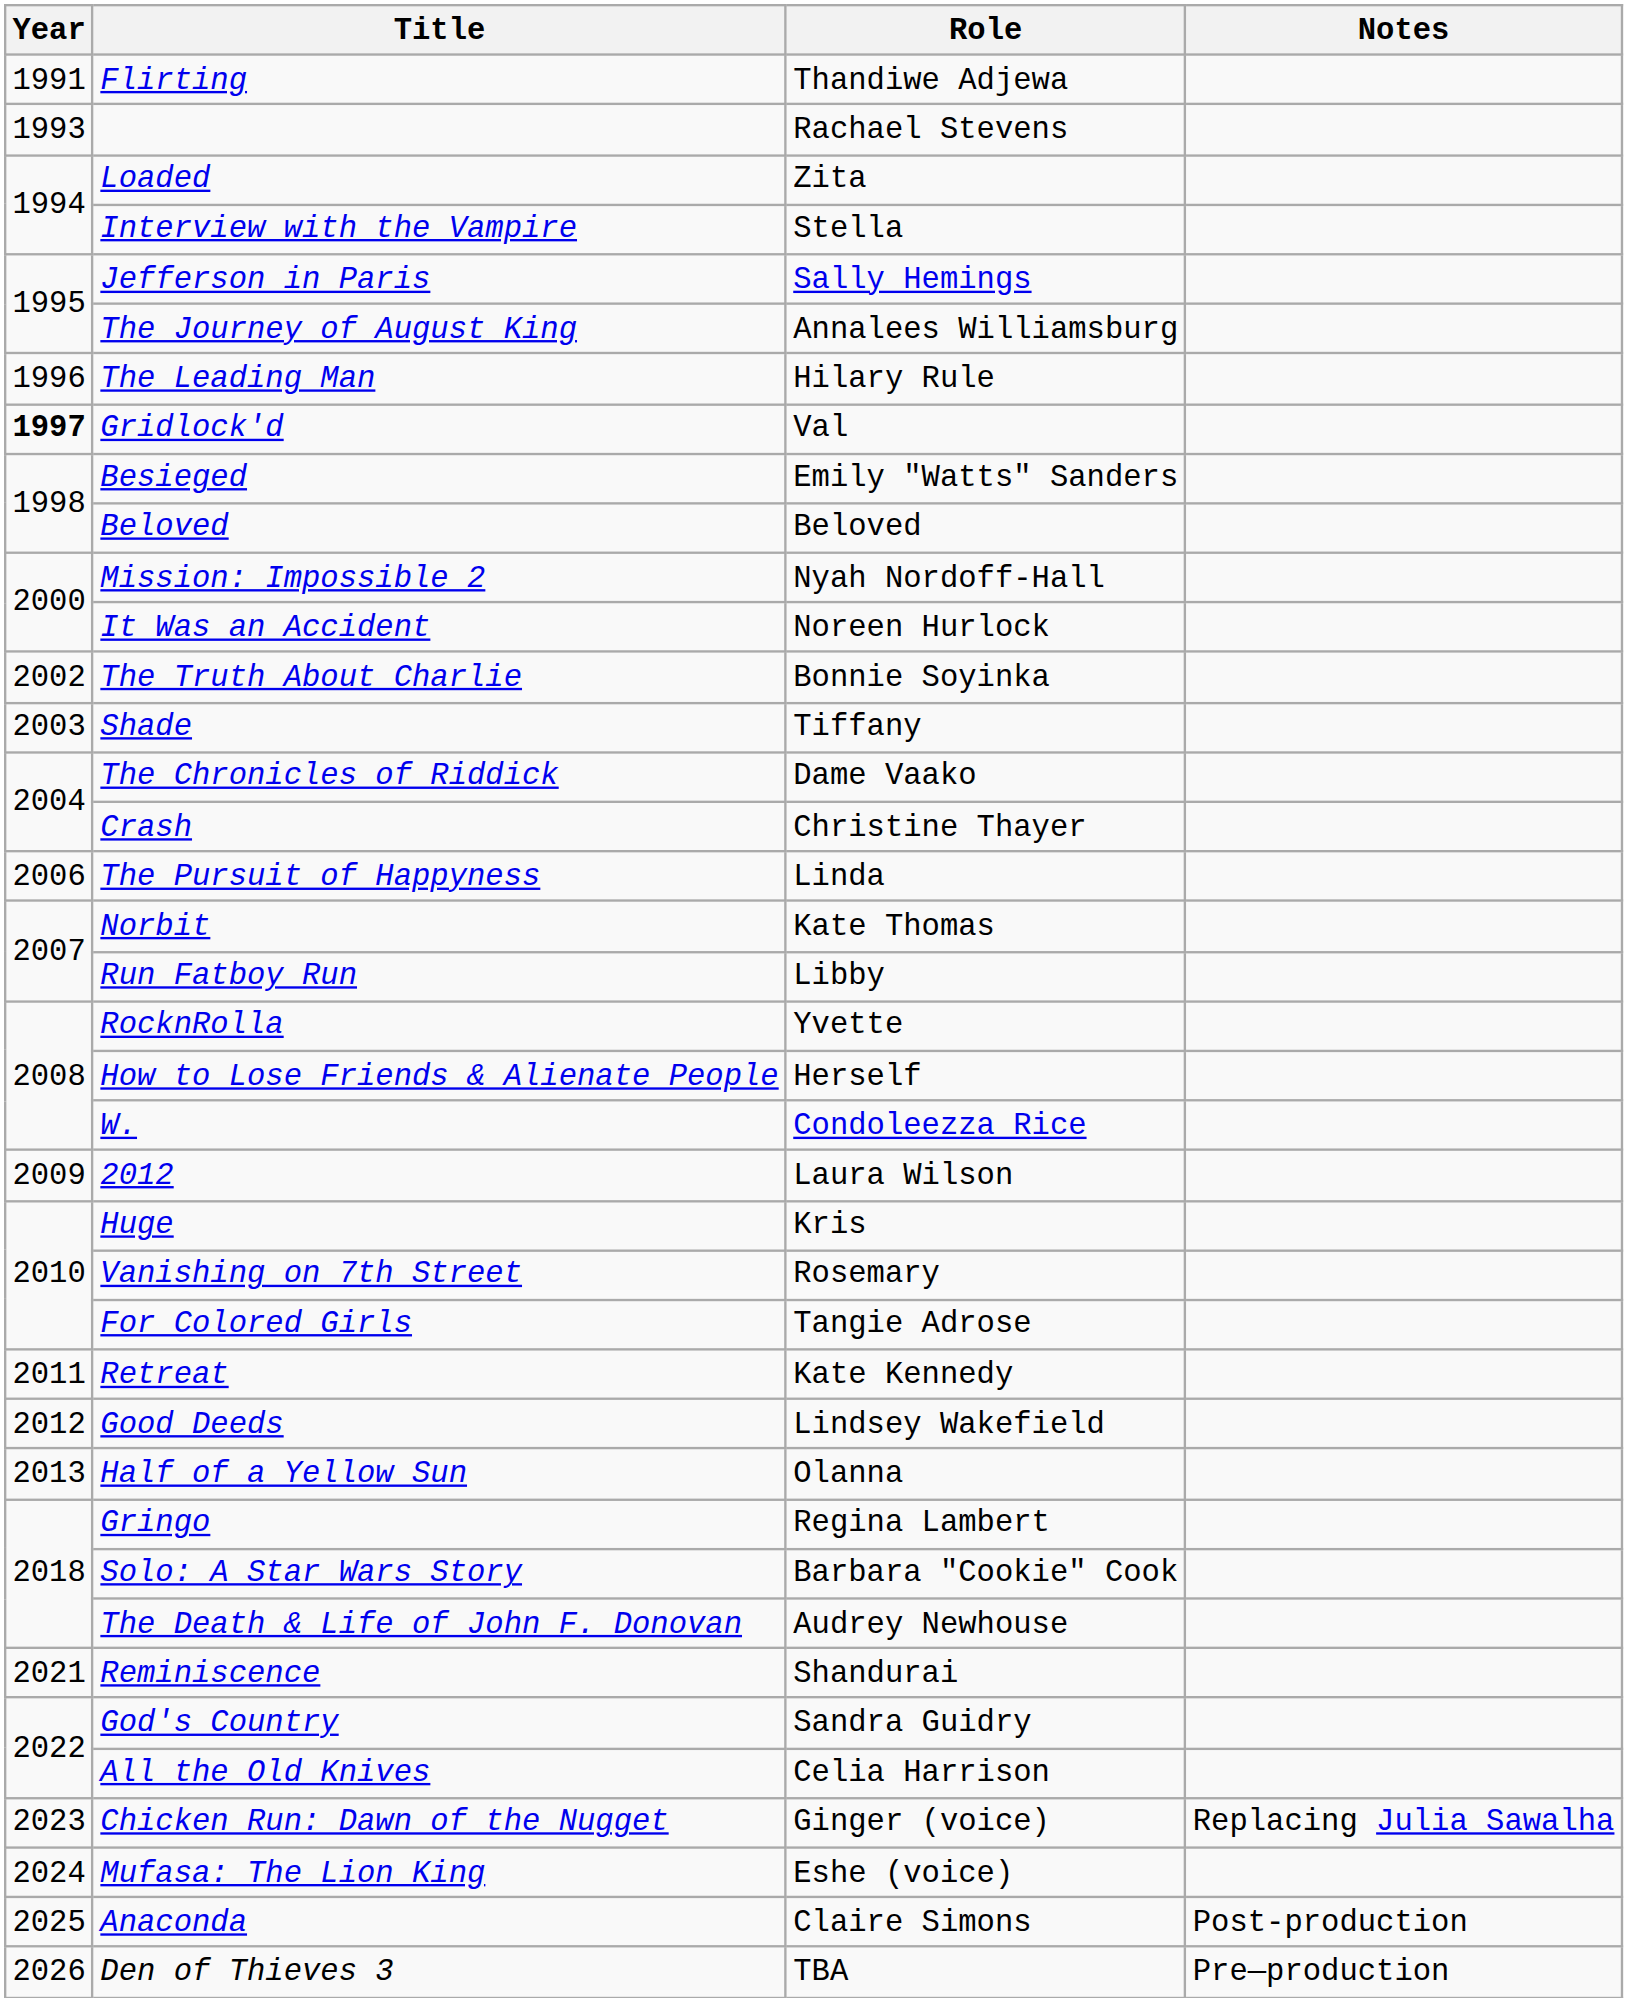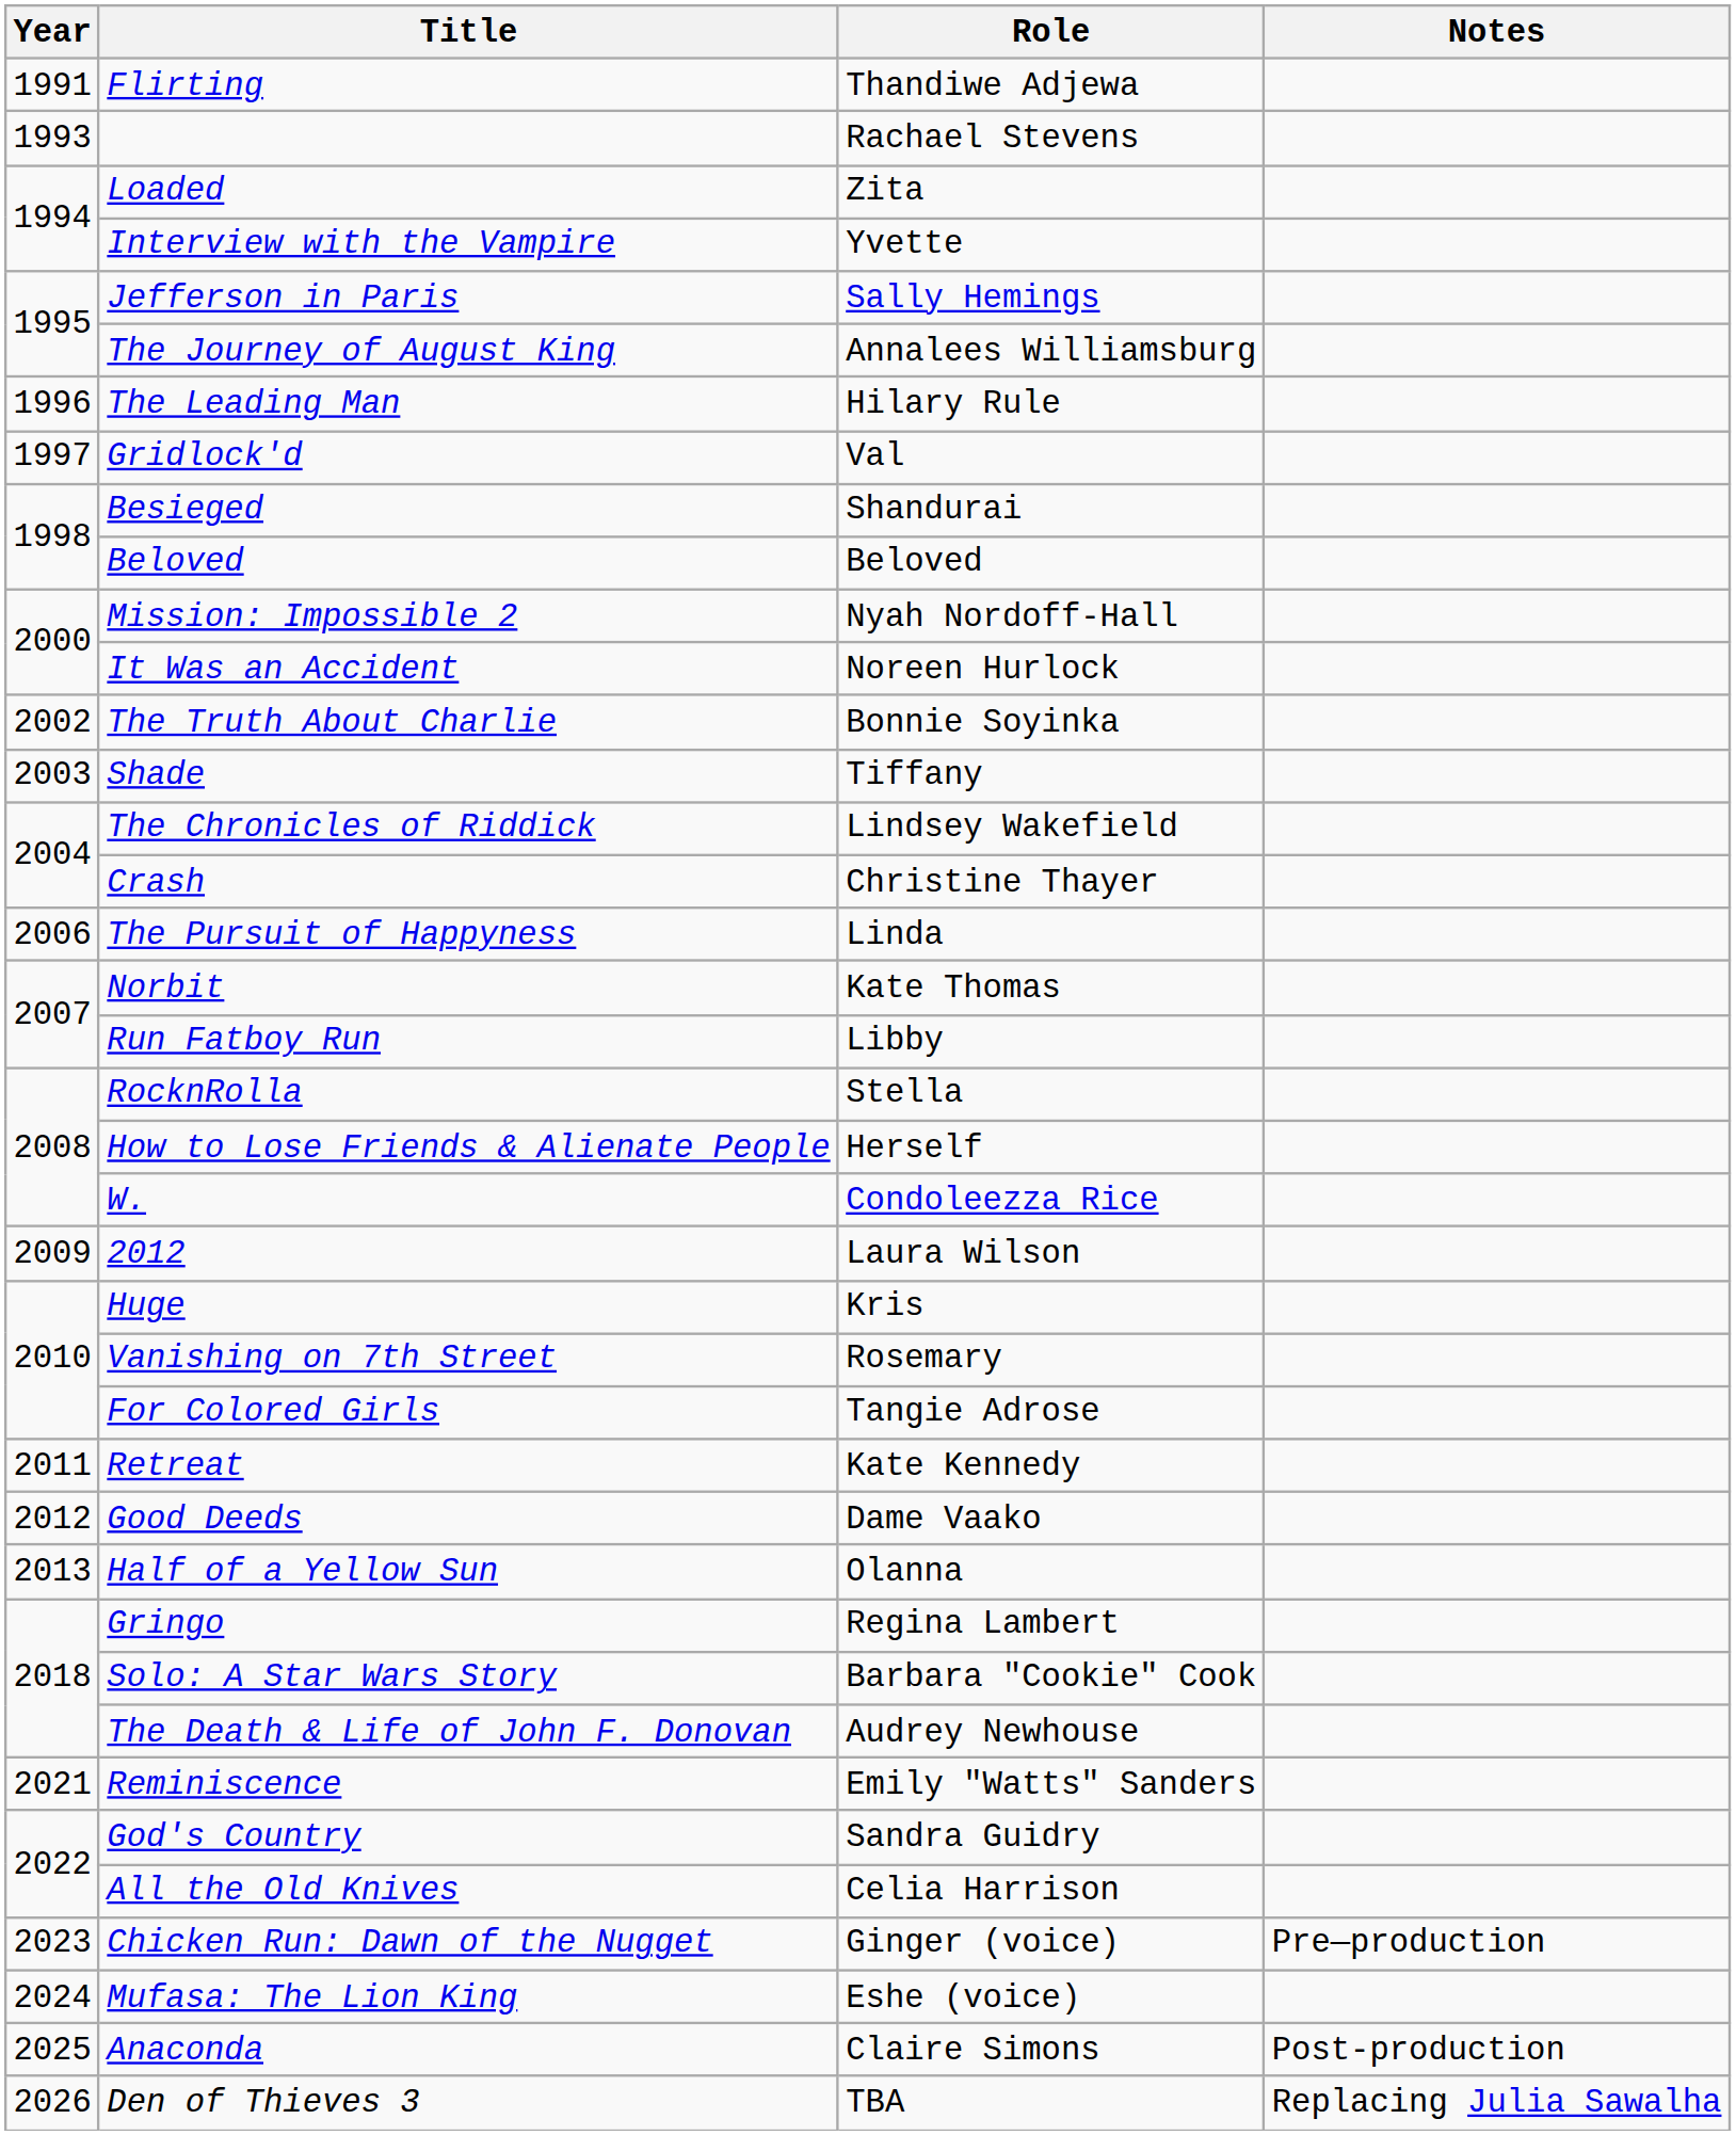 <table class="wikitable sortable">
 <tr>
 <th>Year</th>
 <th>Title</th>
 <th>Role</th>
 <th class="unsortable">Notes</th>
 </tr>
 <tr>
 <td>1991</td>
 <td><em><a href='#'>Flirting</a></em></td>
 <td>Thandiwe Adjewa</td>
 <td></td>
 </tr>
 <tr>
 <td>1993</td>
 <td><em></em></td>
 <td>Rachael Stevens</td>
 <td></td>
 </tr>
 <tr>
 <td rowspan=2>1994</td>
 <td><em><a href='#'>Loaded</a></em></td>
 <td>Zita</td>
 <td></td>
 </tr>
 <tr>
 <td><em><a href='#'>Interview with the Vampire</a></em></td>
-<td>Stella</td>
+<td>Yvette</td>
 <td></td>
 </tr>
 <tr>
 <td rowspan=2>1995</td>
 <td><em><a href='#'>Jefferson in Paris</a></em></td>
 <td><a href='#'>Sally Hemings</a></td>
 <td></td>
 </tr>
 <tr>
 <td><em><a href='#'>The Journey of August King</a></em></td>
 <td>Annalees Williamsburg</td>
 <td></td>
 </tr>
 <tr>
 <td>1996</td>
 <td><em><a href='#'>The Leading Man</a></em></td>
 <td>Hilary Rule</td>
 <td></td>
 </tr>
 <tr>
-<td><strong>1997</strong></td>
+<td>1997</td>
 <td><em><a href='#'>Gridlock'd</a></em></td>
 <td>Val</td>
 <td></td>
 </tr>
 <tr>
 <td rowspan=2>1998</td>
 <td><em><a href='#'>Besieged</a></em></td>
-<td>Emily "Watts" Sanders</td>
+<td>Shandurai</td>
 <td></td>
 </tr>
 <tr>
 <td><em><a href='#'>Beloved</a></em></td>
 <td>Beloved</td>
 <td></td>
 </tr>
 <tr>
 <td rowspan=2>2000</td>
 <td><em><a href='#'>Mission: Impossible 2</a></em></td>
 <td>Nyah Nordoff-Hall</td>
 <td></td>
 </tr>
 <tr>
 <td><em><a href='#'>It Was an Accident</a></em></td>
 <td>Noreen Hurlock</td>
 <td></td>
 </tr>
 <tr>
 <td>2002</td>
 <td><em><a href='#'>The Truth About Charlie</a></em></td>
 <td>Bonnie Soyinka</td>
 <td></td>
 </tr>
 <tr>
 <td>2003</td>
 <td><em><a href='#'>Shade</a></em></td>
 <td>Tiffany</td>
 <td></td>
 </tr>
 <tr>
 <td rowspan=2>2004</td>
 <td><em><a href='#'>The Chronicles of Riddick</a></em></td>
-<td>Dame Vaako</td>
+<td>Lindsey Wakefield</td>
 <td></td>
 </tr>
 <tr>
 <td><em><a href='#'>Crash</a></em></td>
 <td>Christine Thayer</td>
 <td></td>
 </tr>
 <tr>
 <td>2006</td>
 <td><em><a href='#'>The Pursuit of Happyness</a></em></td>
 <td>Linda</td>
 <td></td>
 </tr>
 <tr>
 <td rowspan=2>2007</td>
 <td><em><a href='#'>Norbit</a></em></td>
 <td>Kate Thomas</td>
 <td></td>
 </tr>
 <tr>
 <td><em><a href='#'>Run Fatboy Run</a></em></td>
 <td>Libby</td>
 <td></td>
 </tr>
 <tr>
 <td rowspan=3>2008</td>
 <td><em><a href='#'>RocknRolla</a></em></td>
-<td>Yvette</td>
+<td>Stella</td>
 <td></td>
 </tr>
 <tr>
 <td><em><a href='#'>How to Lose Friends & Alienate People</a></em></td>
 <td>Herself</td>
 <td></td>
 </tr>
 <tr>
 <td><em><a href='#'>W.</a></em></td>
 <td><a href='#'>Condoleezza Rice</a></td>
 <td></td>
 </tr>
 <tr>
 <td>2009</td>
 <td><em><a href='#'>2012</a></em></td>
 <td>Laura Wilson</td>
 <td></td>
 </tr>
 <tr>
 <td rowspan=3>2010</td>
 <td><em><a href='#'>Huge</a></em></td>
 <td>Kris</td>
 <td></td>
 </tr>
 <tr>
 <td><em><a href='#'>Vanishing on 7th Street</a></em></td>
 <td>Rosemary</td>
 <td></td>
 </tr>
 <tr>
 <td><em><a href='#'>For Colored Girls</a></em></td>
 <td>Tangie Adrose</td>
 <td></td>
 </tr>
 <tr>
 <td>2011</td>
 <td><em><a href='#'>Retreat</a></em></td>
 <td>Kate Kennedy</td>
 <td></td>
 </tr>
 <tr>
 <td>2012</td>
 <td><em><a href='#'>Good Deeds</a></em></td>
-<td>Lindsey Wakefield</td>
+<td>Dame Vaako</td>
 <td></td>
 </tr>
 <tr>
 <td>2013</td>
 <td><em><a href='#'>Half of a Yellow Sun</a></em></td>
 <td>Olanna</td>
 <td></td>
 </tr>
 <tr>
 <td rowspan=3>2018</td>
 <td><em><a href='#'>Gringo</a></em></td>
 <td>Regina Lambert</td>
 <td></td>
 </tr>
 <tr>
 <td><em><a href='#'>Solo: A Star Wars Story</a></em></td>
 <td>Barbara "Cookie" Cook</td>
 <td></td>
 </tr>
 <tr>
 <td><em><a href='#'>The Death & Life of John F. Donovan</a></em></td>
 <td>Audrey Newhouse</td>
 <td></td>
 </tr>
 <tr>
 <td>2021</td>
 <td><em><a href='#'>Reminiscence</a></em></td>
-<td>Shandurai</td>
+<td>Emily "Watts" Sanders</td>
 <td></td>
 </tr>
 <tr>
 <td rowspan=2>2022</td>
 <td><em><a href='#'>God's Country</a></em></td>
 <td>Sandra Guidry</td>
 <td></td>
 </tr>
 <tr>
 <td><em><a href='#'>All the Old Knives</a></em></td>
 <td>Celia Harrison</td>
 <td></td>
 </tr>
 <tr>
 <td>2023</td>
 <td><em><a href='#'>Chicken Run: Dawn of the Nugget</a></em></td>
 <td>Ginger (voice)</td>
-<td>Replacing <a href='#'>Julia Sawalha</a></td>
+<td>Pre—production</td>
 </tr>
 <tr>
 <td>2024</td>
 <td><em><a href='#'>Mufasa: The Lion King</a></em></td>
 <td>Eshe (voice)</td>
 <td></td>
 </tr>
 <tr>
 <td>2025</td>
 <td><em><a href='#'>Anaconda</a></em></td>
 <td>Claire Simons</td>
 <td>Post-production</td>
 </tr>
 <tr>
 <td>2026</td>
 <td><em>Den of Thieves 3</em></td>
 <td>TBA</td>
-<td>Pre—production</td>
+<td>Replacing <a href='#'>Julia Sawalha</a></td>
 </tr>
 </table>
